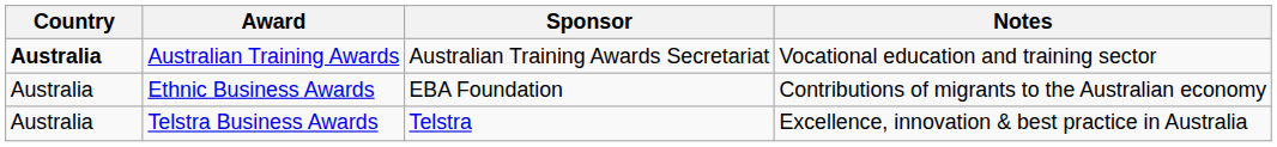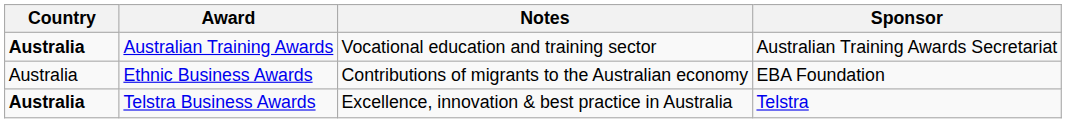 <table class="wikitable sortable">
 <tr>
 <th style="width:6em;">Country</th>
 <th>Award</th>
+<th>Notes</th>
 <th>Sponsor</th>
-<th>Notes</th>
 </tr>
 <tr>
 <td><strong>Australia</strong></td>
 <td><a href='#'>Australian Training Awards</a></td>
+<td>Vocational education and training sector</td>
 <td>Australian Training Awards Secretariat</td>
-<td>Vocational education and training sector</td>
 </tr>
 <tr>
 <td>Australia</td>
 <td><a href='#'>Ethnic Business Awards</a></td>
+<td>Contributions of migrants to the Australian economy</td>
 <td>EBA Foundation</td>
-<td>Contributions of migrants to the Australian economy</td>
 </tr>
 <tr>
-<td>Australia</td>
+<td><strong>Australia</strong></td>
 <td><a href='#'>Telstra Business Awards</a></td>
+<td>Excellence, innovation & best practice in Australia</td>
 <td><a href='#'>Telstra</a></td>
-<td>Excellence, innovation & best practice in Australia</td>
 </tr>
 </table>
